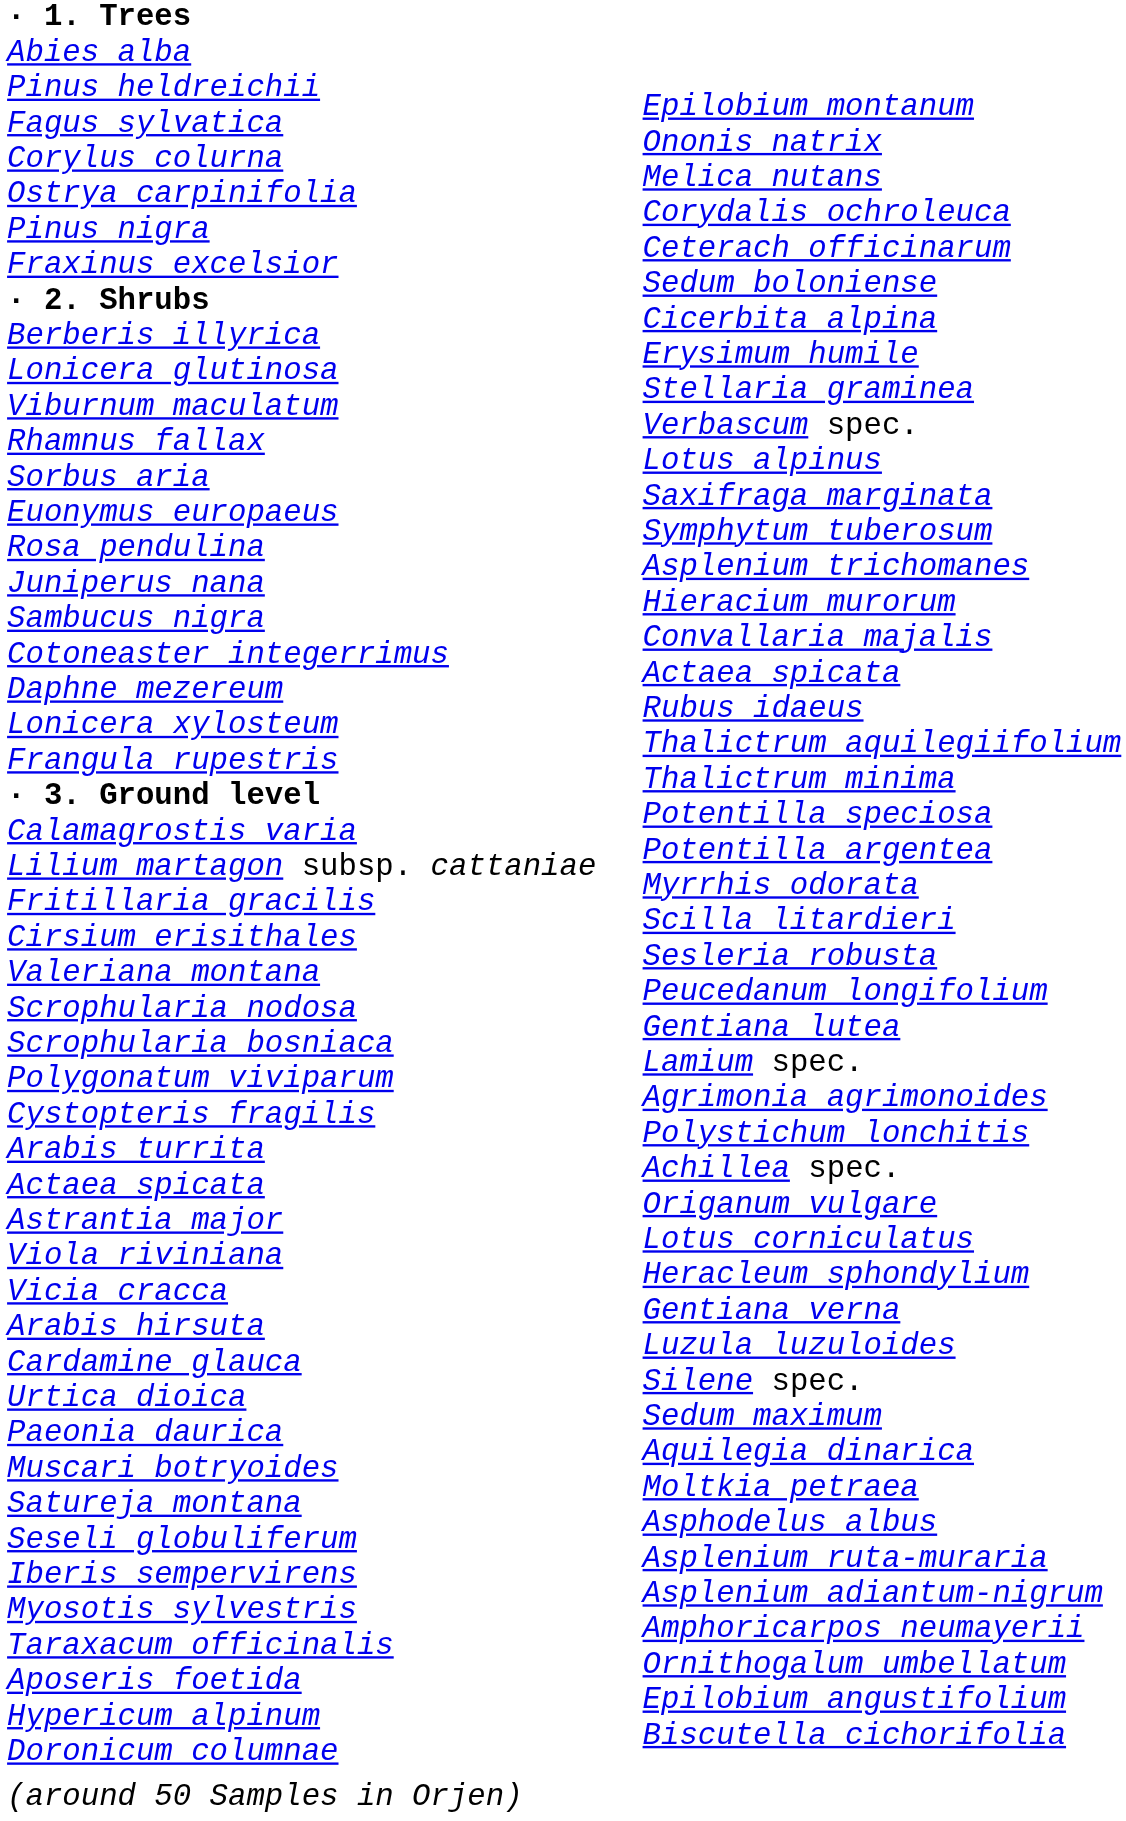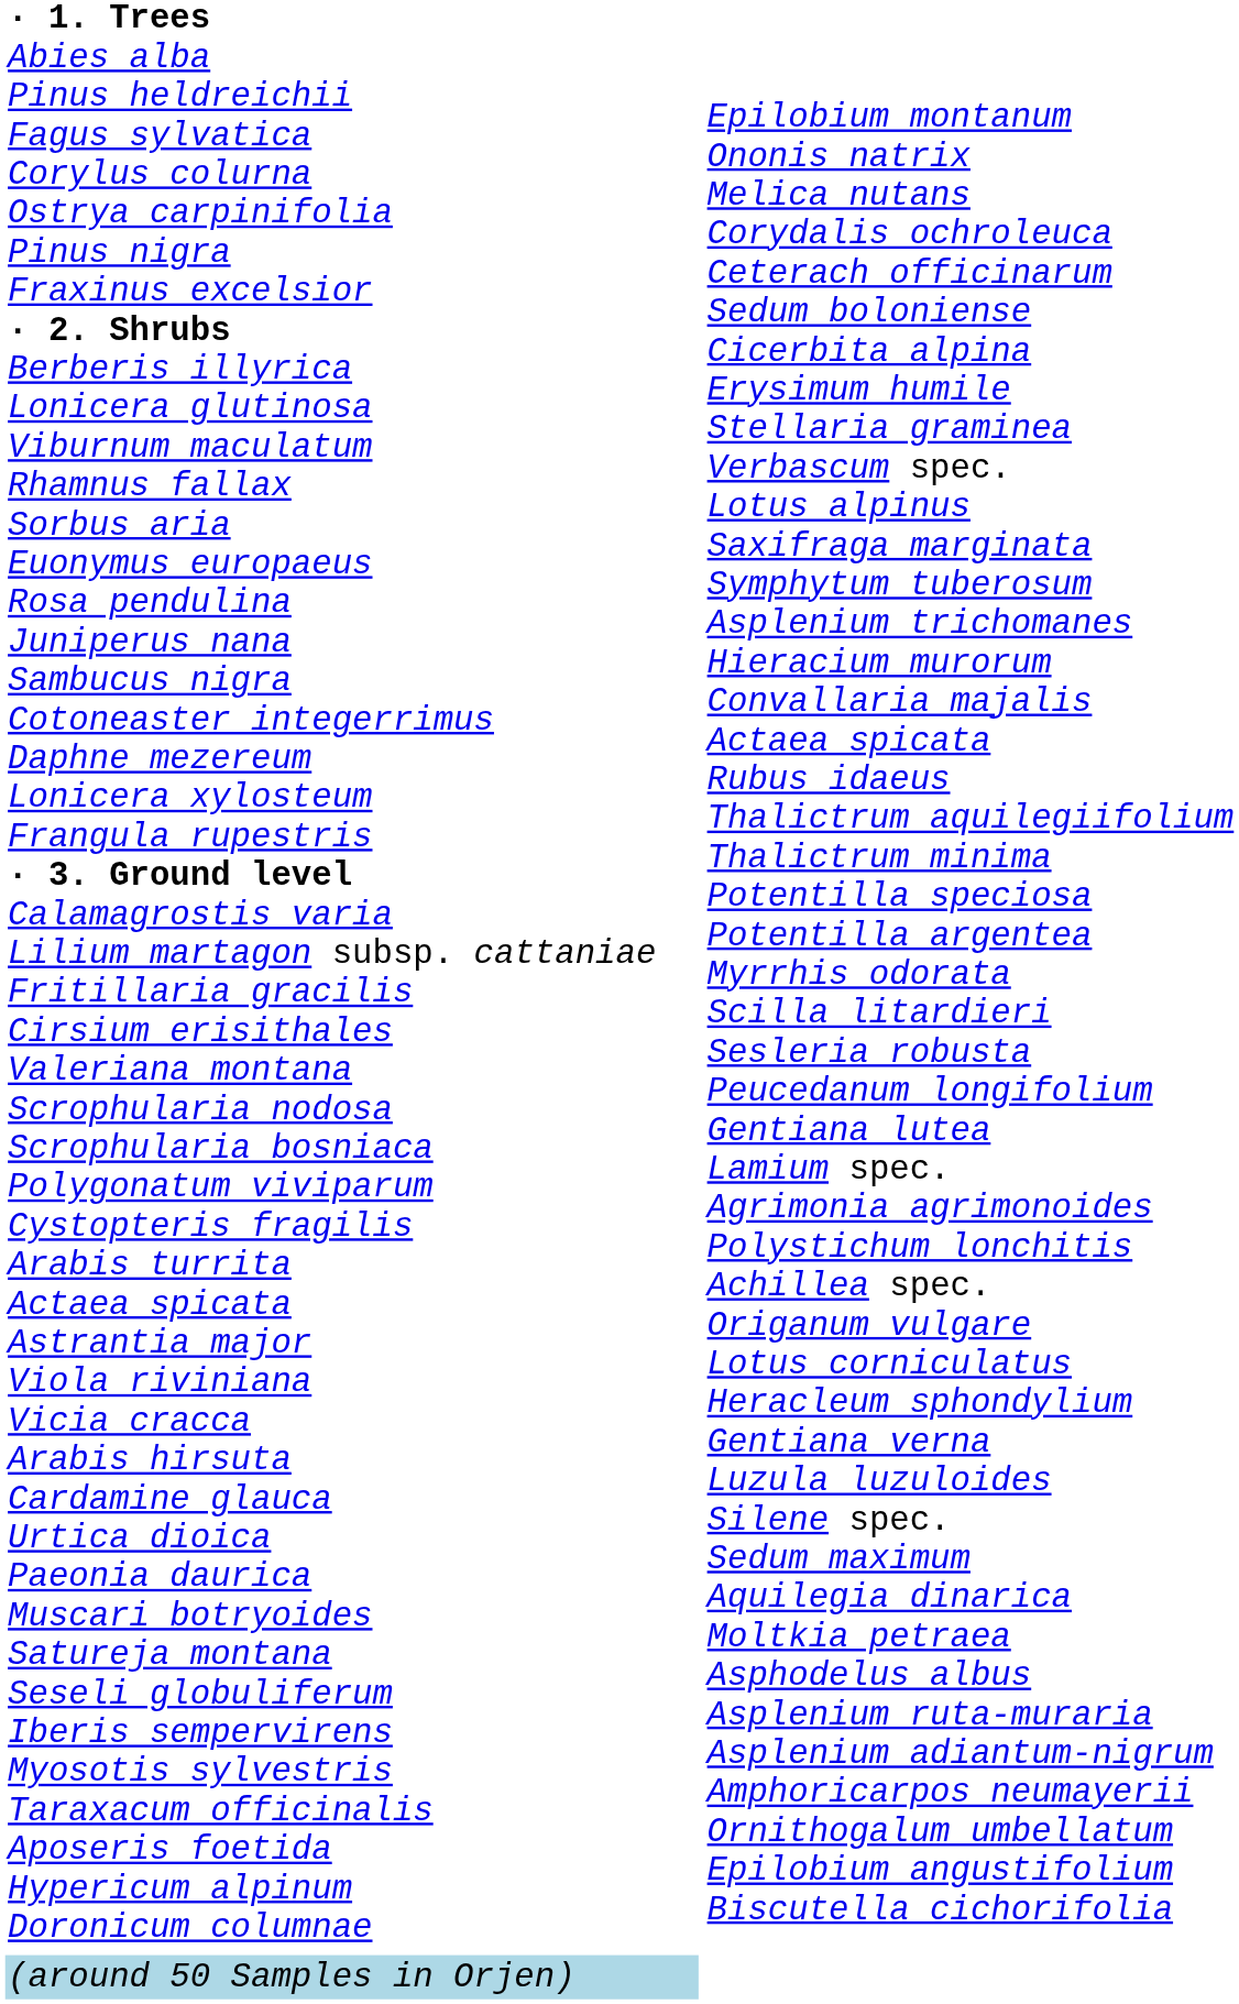 <table border="0" cellpadding="1">
 <tr>
 <td></td>
 </tr>
 <tr>
 <td><strong>· 1. Trees </strong><br><em><a href='#'>Abies alba</a></em><br> <em><a href='#'>Pinus heldreichii</a></em><br> <em><a href='#'>Fagus sylvatica</a></em><br> <em><a href='#'>Corylus colurna</a></em><br> <em><a href='#'>Ostrya carpinifolia</a></em><br> <em><a href='#'>Pinus nigra</a></em><br> <em><a href='#'>Fraxinus excelsior</a></em><br> <strong>· 2. Shrubs </strong><br> <em><a href='#'>Berberis illyrica</a></em><br> <em><a href='#'>Lonicera glutinosa</a></em><br> <em><a href='#'>Viburnum maculatum</a></em><br> <em><a href='#'>Rhamnus fallax</a></em><br> <em><a href='#'>Sorbus aria</a></em><br> <em><a href='#'>Euonymus europaeus</a></em><br> <em><a href='#'>Rosa pendulina</a></em><br> <em><a href='#'>Juniperus nana</a></em><br> <em><a href='#'>Sambucus nigra</a></em><br> <em><a href='#'>Cotoneaster integerrimus</a></em><br> <em><a href='#'>Daphne mezereum</a></em><br> <em><a href='#'>Lonicera xylosteum</a></em><br> <em><a href='#'>Frangula rupestris</a></em><br> <strong>· 3. Ground level </strong><br> <em><a href='#'>Calamagrostis varia</a></em><br> <em><a href='#'>Lilium martagon</a></em> subsp. <em>cattaniae</em>  <br> <em><a href='#'>Fritillaria gracilis</a></em><br> <em><a href='#'>Cirsium erisithales</a></em><br> <em><a href='#'>Valeriana montana</a></em><br> <em><a href='#'>Scrophularia nodosa</a></em><br> <em><a href='#'>Scrophularia bosniaca</a></em><br> <em><a href='#'>Polygonatum viviparum</a></em><br> <em><a href='#'>Cystopteris fragilis</a></em><br> <em><a href='#'>Arabis turrita</a></em><br> <em><a href='#'>Actaea spicata</a></em><br> <em><a href='#'>Astrantia major</a></em><br> <em><a href='#'>Viola riviniana</a></em><br> <em><a href='#'>Vicia cracca</a></em><br> <em><a href='#'>Arabis hirsuta</a></em><br> <em><a href='#'>Cardamine glauca</a></em><br> <em><a href='#'>Urtica dioica</a></em><br> <em><a href='#'>Paeonia daurica</a></em><br> <em><a href='#'>Muscari botryoides</a></em><br> <em><a href='#'>Satureja montana</a></em><br> <em><a href='#'>Seseli globuliferum</a></em><br> <em><a href='#'>Iberis sempervirens</a></em><br> <em><a href='#'>Myosotis sylvestris</a></em><br> <em><a href='#'>Taraxacum officinalis</a></em><br> <em><a href='#'>Aposeris foetida</a></em><br> <em><a href='#'>Hypericum alpinum</a></em><br> <em><a href='#'>Doronicum columnae</a></em><br></td>
 <td> <br><br><em><a href='#'>Epilobium montanum</a></em><br> <em><a href='#'>Ononis natrix</a></em><br> <em><a href='#'>Melica nutans</a></em><br> <em><a href='#'>Corydalis ochroleuca</a></em><br> <em><a href='#'>Ceterach officinarum</a></em><br> <em><a href='#'>Sedum boloniense</a></em><br> <em><a href='#'>Cicerbita alpina</a></em><br> <em><a href='#'>Erysimum humile</a></em><br> <em><a href='#'>Stellaria graminea</a></em><br> <em><a href='#'>Verbascum</a></em> spec.<br> <em><a href='#'>Lotus alpinus</a></em><br> <em><a href='#'>Saxifraga marginata</a></em><br> <em><a href='#'>Symphytum tuberosum</a></em><br> <em><a href='#'>Asplenium trichomanes</a></em><br> <em><a href='#'>Hieracium murorum</a></em><br> <em><a href='#'>Convallaria majalis</a></em><br> <em><a href='#'>Actaea spicata</a></em><br> <em><a href='#'>Rubus idaeus</a></em><br> <em><a href='#'>Thalictrum aquilegiifolium</a></em><br> <em><a href='#'>Thalictrum minima</a></em><br> <em><a href='#'>Potentilla speciosa</a></em><br> <em><a href='#'>Potentilla argentea</a></em><br> <em><a href='#'>Myrrhis odorata</a></em><br> <em><a href='#'>Scilla litardieri</a></em><br> <em><a href='#'>Sesleria robusta</a></em><br> <em><a href='#'>Peucedanum longifolium</a></em><br> <em><a href='#'>Gentiana lutea</a></em><br> <em><a href='#'>Lamium</a></em> spec.<br> <em><a href='#'>Agrimonia agrimonoides</a></em><br> <em><a href='#'>Polystichum lonchitis</a></em><br> <em><a href='#'>Achillea</a></em> spec.<br> <em><a href='#'>Origanum vulgare</a></em><br> <em><a href='#'>Lotus corniculatus</a></em><br> <em><a href='#'>Heracleum sphondylium</a></em><br> <em><a href='#'>Gentiana verna</a></em><br> <em><a href='#'>Luzula luzuloides</a></em><br> <em><a href='#'>Silene</a></em> spec.<br> <em><a href='#'>Sedum maximum</a></em><br> <em><a href='#'>Aquilegia dinarica</a></em><br> <em><a href='#'>Moltkia petraea</a></em><br> <em><a href='#'>Asphodelus albus</a></em><br> <em><a href='#'>Asplenium ruta-muraria</a></em><br> <em><a href='#'>Asplenium adiantum-nigrum</a></em><br> <em><a href='#'>Amphoricarpos neumayerii</a></em><br> <em><a href='#'>Ornithogalum umbellatum</a></em><br> <em><a href='#'>Epilobium angustifolium</a></em><br> <em><a href='#'>Biscutella cichorifolia</a></em><br></td>
 </tr>
 <tr>
-<td><em>(around 50 Samples in Orjen)</em></td>
+<td style="background: lightblue;"><em>(around 50 Samples in Orjen)</em></td>
 </tr>
 </table>
